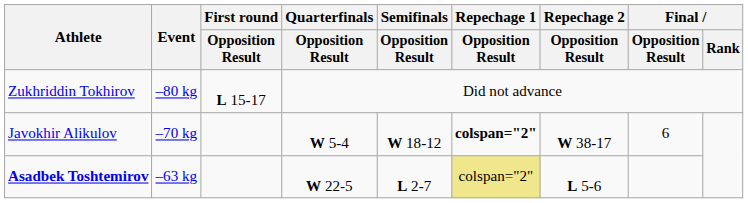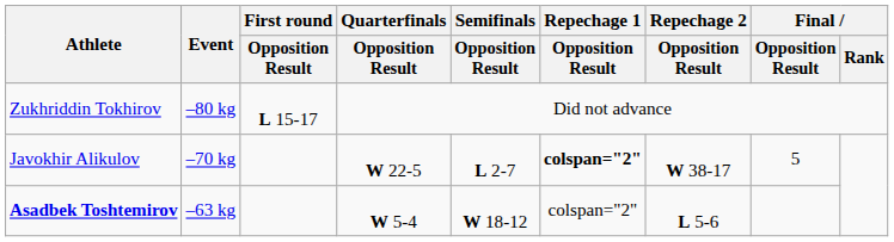 <table class="wikitable" style="font-size:90%;">
 <tr>
 <th rowspan=2>Athlete</th>
 <th rowspan=2>Event</th>
 <th>First round</th>
 <th>Quarterfinals</th>
 <th>Semifinals</th>
 <th>Repechage 1</th>
 <th>Repechage 2</th>
 <th colspan=2>Final / </th>
 </tr>
 <tr style="font-size:95%">
 <th>Opposition<br>Result</th>
 <th>Opposition<br>Result</th>
 <th>Opposition<br>Result</th>
 <th>Opposition<br>Result</th>
 <th>Opposition<br>Result</th>
 <th>Opposition<br>Result</th>
 <th>Rank</th>
 </tr>
 <tr align=center>
 <td align=left><a href='#'>Zukhriddin Tokhirov</a></td>
 <td align=left><a href='#'>–80 kg</a></td>
 <td><br> <strong>L</strong> 15-17</td>
 <td colspan=6>Did not advance</td>
 </tr>
 <tr align=center>
 <td align=left><a href='#'>Javokhir Alikulov</a></td>
 <td align=left><a href='#'>–70 kg</a></td>
 <td></td>
-<td><br> <strong>W</strong> 5-4</td>
-<td><br><strong>W</strong> 18-12</td>
+<td><br><strong>W</strong> 22-5</td>
+<td><br> <strong>L</strong> 2-7</td>
 <td><strong>colspan="2" </strong></td>
 <td><br><strong>W</strong> 38-17</td>
-<td>6</td>
+<td>5</td>
 </tr>
 <tr align=center>
 <td align=left><strong><a href='#'>Asadbek Toshtemirov</a></strong></td>
 <td align=left><a href='#'>–63 kg</a></td>
 <td></td>
-<td><br><strong>W</strong> 22-5</td>
-<td><br> <strong>L</strong> 2-7</td>
-<td style="background: khaki;">colspan="2" </td>
+<td><br> <strong>W</strong> 5-4</td>
+<td><br><strong>W</strong> 18-12</td>
+<td>colspan="2" </td>
 <td><br> <strong>L</strong> 5-6</td>
 <td></td>
 </tr>
 </table>
